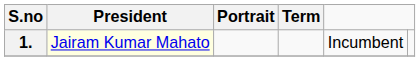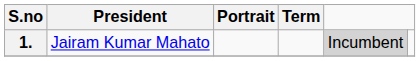 <table class="wikitable sortable" style="text-align:center;">
 <tr>
 <th Style="background-color:">S.no</th>
 <th Style="background-color:">President</th>
 <th Style="background-color:">Portrait</th>
 <th Style="background-color:">Term</th>
 </tr>
 <tr>
 <th>1.</th>
-<td style="background: lightyellow;"><a href='#'>Jairam Kumar Mahato</a></td>
+<td><a href='#'>Jairam Kumar Mahato</a></td>
 <td></td>
 <td></td>
-<td>Incumbent</td>
+<td style="background: lightgrey;">Incumbent</td>
 <td></td>
 </tr>
 <tr>
 </tr>
 </table>
